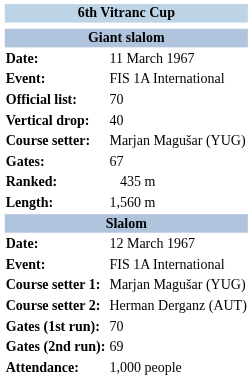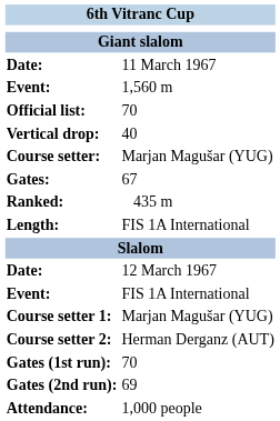 <table border=0 class="toccolours float-right" align="right" style="margin:0 0 0.5em 1em; font-size: 85%;">
 <tr>
 <th bgcolor=#BCD4E6 colspan=2 align="center">6th Vitranc Cup</th>
 </tr>
 <tr>
 <td align="center" colspan=2></td>
 </tr>
 <tr>
 <th bgcolor=#b0c4de colspan=2 align="center">Giant slalom</th>
 </tr>
 <tr>
 <td><strong>Date:</strong></td>
 <td>11 March 1967</td>
 </tr>
 <tr>
 <td><strong>Event:</strong></td>
-<td>FIS 1A International</td>
+<td>1,560 m</td>
 </tr>
 <tr>
 <td><strong>Official list:</strong></td>
 <td>70</td>
 </tr>
 <tr>
 <td><strong>Vertical drop:</strong></td>
 <td>40</td>
 </tr>
 <tr>
 <td><strong>Course setter:</strong></td>
 <td>Marjan Magušar (YUG)</td>
 </tr>
 <tr>
 <td><strong>Gates:</strong></td>
 <td>67</td>
 </tr>
 <tr>
 <td><strong>Ranked:</strong></td>
 <td>   435 m</td>
 </tr>
 <tr>
 <td><strong>Length:</strong></td>
-<td>1,560 m</td>
+<td>FIS 1A International</td>
 </tr>
 <tr>
 <th bgcolor=#b0c4de colspan=2 align="center">Slalom</th>
 </tr>
 <tr>
 <td><strong>Date:</strong></td>
 <td>12 March 1967</td>
 </tr>
 <tr>
 <td><strong>Event:</strong></td>
 <td>FIS 1A International</td>
 </tr>
 <tr>
 <td><strong>Course setter 1:</strong></td>
 <td>Marjan Magušar (YUG)</td>
 </tr>
 <tr>
 <td><strong>Course setter 2:</strong></td>
 <td>Herman Derganz (AUT)</td>
 </tr>
 <tr>
 <td><strong>Gates (1st run):</strong></td>
 <td>70</td>
 </tr>
 <tr>
 <td><strong>Gates (2nd run):</strong></td>
 <td>69</td>
 </tr>
 <tr>
 <td><strong>Attendance:</strong></td>
 <td>1,000 people</td>
 </tr>
 </table>
